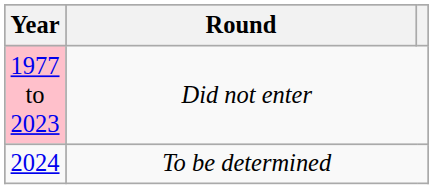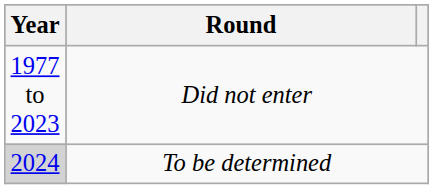 <table class="wikitable" style="text-align: center; font-size:90%">
 <tr>
 <th>Year</th>
 <th style="width:200px">Round</th>
 <th></th>
 </tr>
 <tr>
-<td style="background: pink;"><a href='#'>1977</a><br>to<br><a href='#'>2023</a></td>
+<td><a href='#'>1977</a><br>to<br><a href='#'>2023</a></td>
 <td colspan="2"><em>Did not enter</em></td>
 </tr>
 <tr>
-<td><a href='#'>2024</a></td>
+<td style="background: lightgrey;"><a href='#'>2024</a></td>
 <td colspan="2"><em>To be determined</em></td>
 </tr>
 </table>
